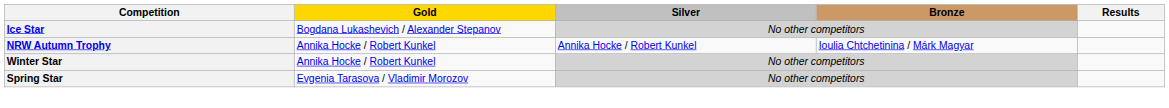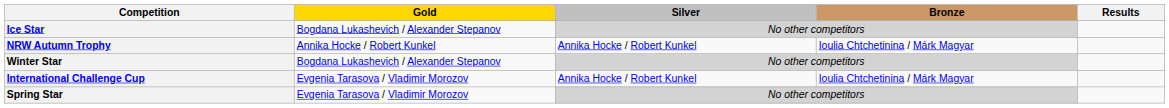 <table class="wikitable unsortable" style="text-align:left; width:90%;">
 <tr>
 <th scope="col" style="text-align:center; width:25%;">Competition</th>
 <td scope="col" style="text-align:center; width:22.5%; background:gold"><strong>Gold</strong></td>
 <td scope="col" style="text-align:center; width:22.5%; background:silver"><strong>Silver</strong></td>
 <td scope="col" style="text-align:center; width:22.5%; background:#c96"><strong>Bronze</strong></td>
 <th scope="col" style="text-align:center; width:7.5%;">Results</th>
 </tr>
 <tr>
 <th scope="row" style="text-align:left"> <a href='#'>Ice Star</a></th>
 <td> <a href='#'>Bogdana Lukashevich</a> / <a href='#'>Alexander Stepanov</a></td>
 <td colspan=2 bgcolor="lightgray" align="center"><em>No other competitors</em></td>
 <td></td>
 </tr>
 <tr>
 <th scope="row" style="text-align:left"> <a href='#'>NRW Autumn Trophy</a></th>
 <td> <a href='#'>Annika Hocke</a> / <a href='#'>Robert Kunkel</a></td>
 <td> <a href='#'>Annika Hocke</a> / <a href='#'>Robert Kunkel</a></td>
 <td> <a href='#'>Ioulia Chtchetinina</a> / <a href='#'>Márk Magyar</a></td>
 <td></td>
 </tr>
 <tr>
 <th scope="row" style="text-align:left"> Winter Star</th>
+<td> <a href='#'>Bogdana Lukashevich</a> / <a href='#'>Alexander Stepanov</a></td>
+<td colspan=2 bgcolor="lightgray" align="center"><em>No other competitors</em></td>
+<td></td>
+</tr>
+<tr>
+<th scope="row" style="text-align:left"> <a href='#'>International Challenge Cup</a></th>
+<td> <a href='#'>Evgenia Tarasova</a> / <a href='#'>Vladimir Morozov</a></td>
 <td> <a href='#'>Annika Hocke</a> / <a href='#'>Robert Kunkel</a></td>
-<td colspan=2 bgcolor="lightgray" align="center"><em>No other competitors</em></td>
+<td> <a href='#'>Ioulia Chtchetinina</a> / <a href='#'>Márk Magyar</a></td>
 <td></td>
 </tr>
 <tr>
 <th scope="row" style="text-align:left"> Spring Star</th>
 <td> <a href='#'>Evgenia Tarasova</a> / <a href='#'>Vladimir Morozov</a></td>
 <td colspan=2 bgcolor="lightgray" align="center"><em>No other competitors</em></td>
 <td></td>
 </tr>
 </table>
